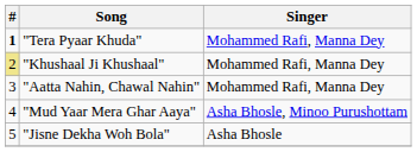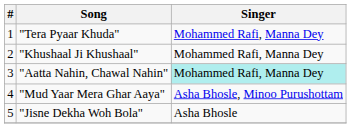 <table class="wikitable">
 <tr>
 <th>#</th>
 <th>Song</th>
 <th>Singer</th>
 </tr>
 <tr>
-<td><strong>1</strong></td>
+<td>1</td>
 <td>"Tera Pyaar Khuda"</td>
 <td><a href='#'>Mohammed Rafi</a>, <a href='#'>Manna Dey</a></td>
 </tr>
 <tr>
-<td style="background: khaki;">2</td>
+<td>2</td>
 <td>"Khushaal Ji Khushaal"</td>
 <td>Mohammed Rafi, Manna Dey</td>
 </tr>
 <tr>
 <td>3</td>
 <td>"Aatta Nahin, Chawal Nahin"</td>
-<td>Mohammed Rafi, Manna Dey</td>
+<td style="background: paleturquoise;">Mohammed Rafi, Manna Dey</td>
 </tr>
 <tr>
 <td>4</td>
 <td>"Mud Yaar Mera Ghar Aaya"</td>
 <td><a href='#'>Asha Bhosle</a>, <a href='#'>Minoo Purushottam</a></td>
 </tr>
 <tr>
 <td>5</td>
 <td>"Jisne Dekha Woh Bola"</td>
 <td>Asha Bhosle</td>
 </tr>
 <tr>
 </tr>
 </table>
